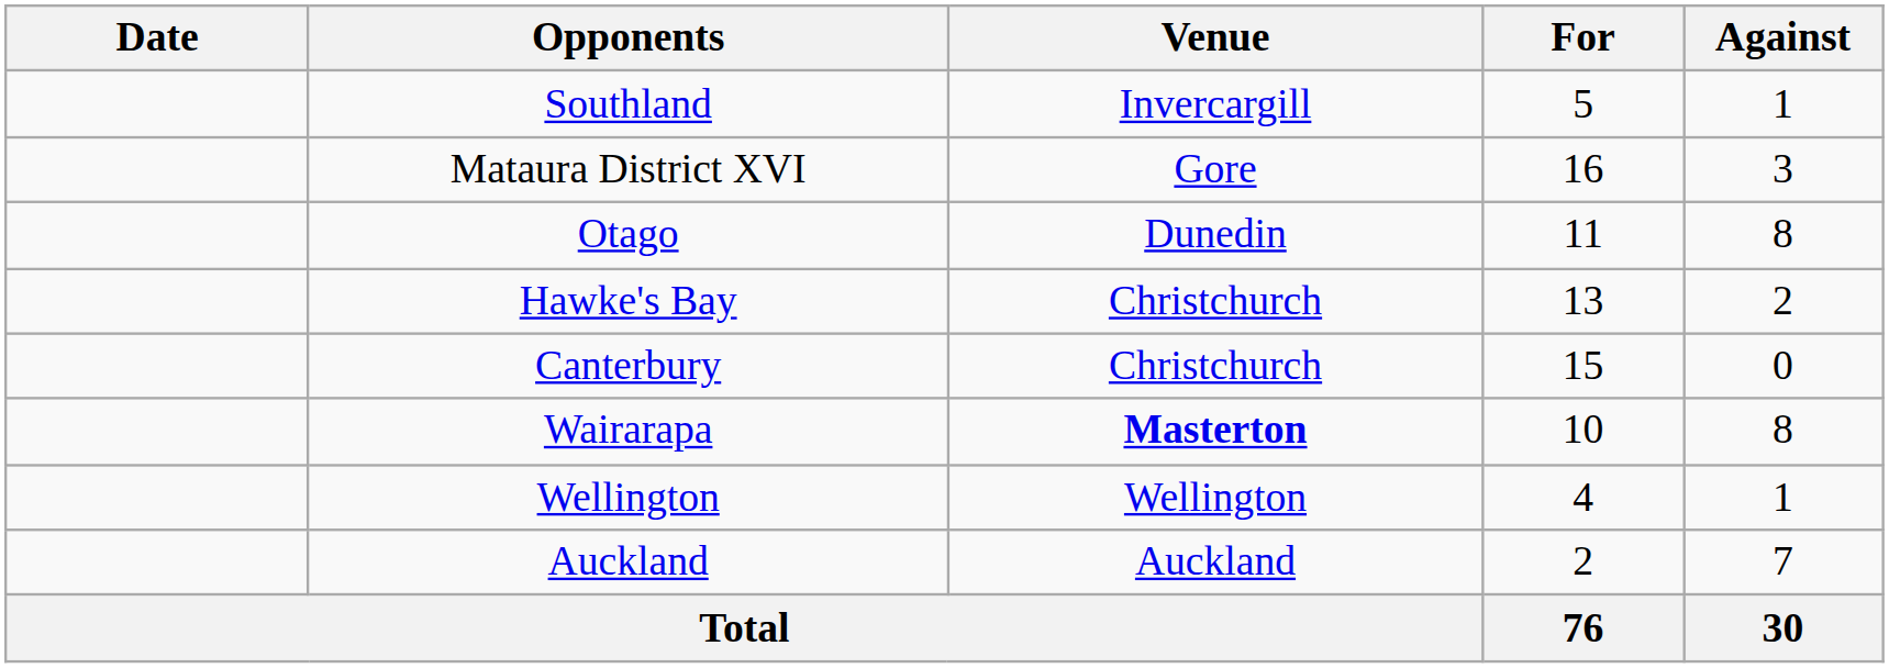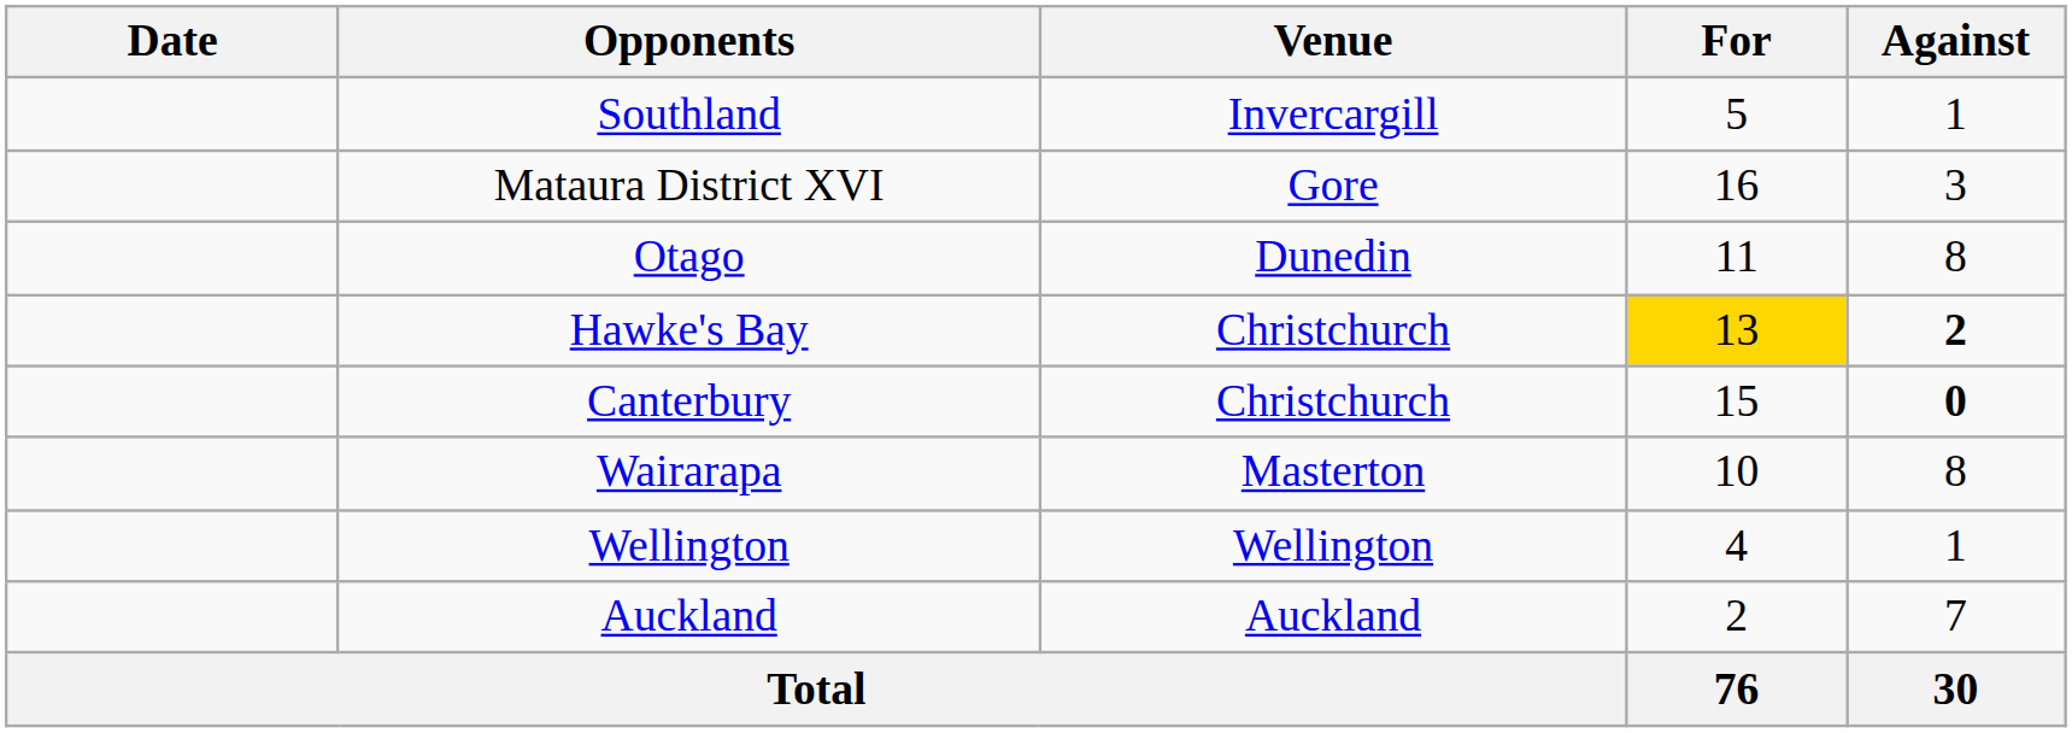 <table class="wikitable sortable" style="text-align:center">
 <tr>
 <th width="110">Date</th>
 <th width="240">Opponents</th>
 <th width="200">Venue</th>
 <th width="70">For</th>
 <th width="70">Against</th>
 </tr>
 <tr>
 <td></td>
 <td><a href='#'>Southland</a></td>
 <td><a href='#'>Invercargill</a></td>
 <td>5</td>
 <td>1</td>
 </tr>
 <tr>
 <td></td>
 <td>Mataura District XVI</td>
 <td><a href='#'>Gore</a></td>
 <td>16</td>
 <td>3</td>
 </tr>
 <tr>
 <td></td>
 <td><a href='#'>Otago</a></td>
 <td><a href='#'>Dunedin</a></td>
 <td>11</td>
 <td>8</td>
 </tr>
 <tr>
 <td></td>
 <td><a href='#'>Hawke's Bay</a></td>
 <td><a href='#'>Christchurch</a></td>
-<td>13</td>
-<td>2</td>
+<td style="background: gold;">13</td>
+<td><strong>2</strong></td>
 </tr>
 <tr>
 <td></td>
 <td><a href='#'>Canterbury</a></td>
 <td><a href='#'>Christchurch</a></td>
 <td>15</td>
-<td>0</td>
+<td><strong>0</strong></td>
 </tr>
 <tr>
 <td></td>
 <td><a href='#'>Wairarapa</a></td>
-<td><strong><a href='#'>Masterton</a></strong></td>
+<td><a href='#'>Masterton</a></td>
 <td>10</td>
 <td>8</td>
 </tr>
 <tr>
 <td></td>
 <td><a href='#'>Wellington</a></td>
 <td><a href='#'>Wellington</a></td>
 <td>4</td>
 <td>1</td>
 </tr>
 <tr>
 <td></td>
 <td><a href='#'>Auckland</a></td>
 <td><a href='#'>Auckland</a></td>
 <td>2</td>
 <td>7</td>
 </tr>
 <tr class="sortbottom">
 <th colspan=3>Total</th>
 <th>76</th>
 <th>30</th>
 </tr>
 </table>
